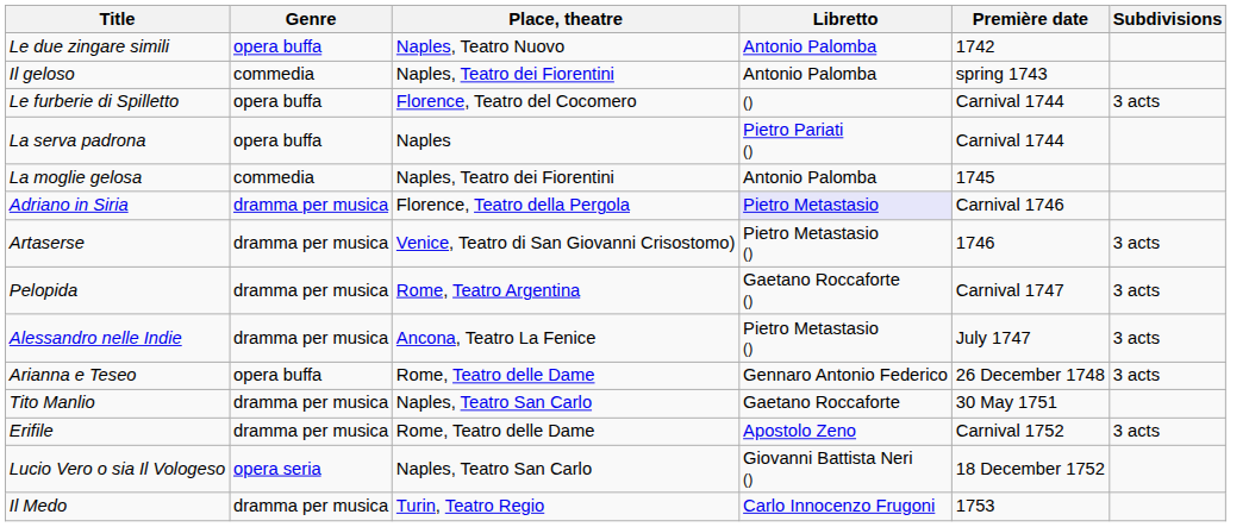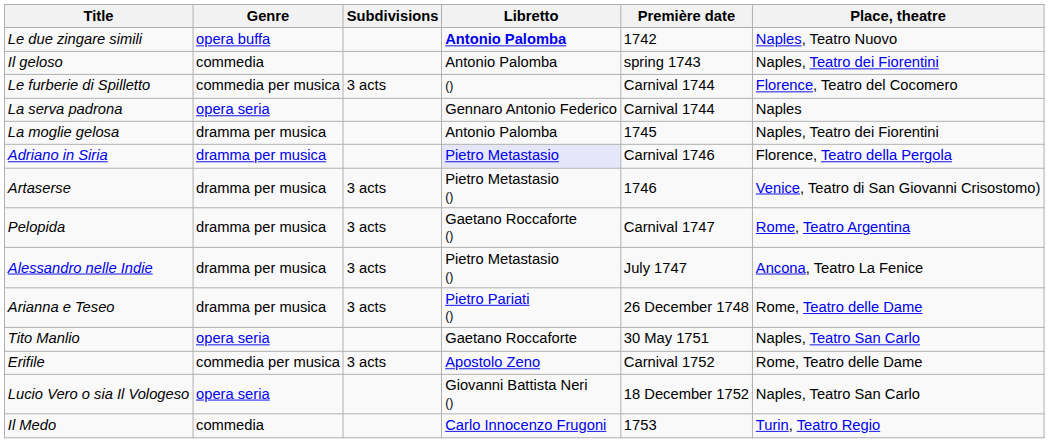 <table class="wikitable sortable">
 <tr>
 <th>Title</th>
 <th>Genre</th>
-<th>Place, theatre</th>
+<th>Sub­divisions</th>
 <th>Libretto</th>
 <th>Première date</th>
-<th>Sub­divisions</th>
+<th>Place, theatre</th>
 </tr>
 <tr>
 <td> <em>Le due zingare simili </em></td>
 <td><a href='#'>opera buffa</a></td>
+<td></td>
+<td><strong> <a href='#'>Antonio Palomba</a></strong></td>
+<td> 1742</td>
 <td><a href='#'>Naples</a>, Teatro Nuovo</td>
-<td> <a href='#'>Antonio Palomba</a></td>
-<td> 1742</td>
-<td></td>
 </tr>
 <tr>
 <td> <em>Il geloso</em></td>
 <td>commedia</td>
-<td>Naples, <a href='#'>Teatro dei Fiorentini</a></td>
+<td></td>
 <td> Antonio Palomba<br></td>
 <td> spring 1743</td>
-<td></td>
+<td>Naples, <a href='#'>Teatro dei Fiorentini</a></td>
 </tr>
 <tr>
 <td> <em>Le furberie di Spilletto</em></td>
-<td>opera buffa</td>
-<td><a href='#'>Florence</a>, Teatro del Cocomero</td>
+<td>commedia per musica</td>
+<td>3 acts</td>
 <td><small>()</small></td>
 <td> Carnival 1744</td>
-<td>3 acts</td>
+<td><a href='#'>Florence</a>, Teatro del Cocomero</td>
 </tr>
 <tr>
 <td> <em>La serva padrona</em></td>
-<td>opera buffa</td>
+<td><a href='#'>opera seria</a></td>
+<td></td>
+<td> Gennaro Antonio Federico<br></td>
+<td> Carnival 1744</td>
 <td>Naples</td>
-<td> <a href='#'>Pietro Pariati</a><br><small>()</small></td>
-<td> Carnival 1744</td>
-<td></td>
 </tr>
 <tr>
 <td> <em>La moglie gelosa</em></td>
-<td>commedia</td>
-<td>Naples, Teatro dei Fiorentini</td>
+<td>dramma per musica</td>
+<td></td>
 <td> Antonio Palomba<br></td>
 <td> 1745</td>
-<td></td>
+<td>Naples, Teatro dei Fiorentini</td>
 </tr>
 <tr>
 <td> <em><a href='#'>Adriano in Siria</a></em></td>
 <td><a href='#'>dramma per musica</a></td>
-<td>Florence, <a href='#'>Teatro della Pergola</a></td>
+<td></td>
 <td style="background: lavender;"> <a href='#'>Pietro Metastasio</a><br></td>
 <td> Carnival 1746</td>
-<td></td>
+<td>Florence, <a href='#'>Teatro della Pergola</a></td>
 </tr>
 <tr>
 <td> <em>Artaserse</em></td>
 <td>dramma per musica</td>
-<td><a href='#'>Venice</a>, Teatro di San Giovanni Crisostomo)</td>
+<td>3 acts</td>
 <td> Pietro Metastasio<br><small>()</small></td>
 <td> 1746</td>
-<td>3 acts</td>
+<td><a href='#'>Venice</a>, Teatro di San Giovanni Crisostomo)</td>
 </tr>
 <tr>
 <td> <em>Pelopida </em></td>
 <td>dramma per musica</td>
-<td><a href='#'>Rome</a>, <a href='#'>Teatro Argentina</a></td>
+<td>3 acts</td>
 <td> Gaetano Roccaforte<br><small>()</small></td>
 <td> Carnival 1747</td>
-<td>3 acts</td>
+<td><a href='#'>Rome</a>, <a href='#'>Teatro Argentina</a></td>
 </tr>
 <tr>
 <td> <em><a href='#'>Alessandro nelle Indie</a></em></td>
 <td>dramma per musica</td>
-<td><a href='#'>Ancona</a>, Teatro La Fenice</td>
+<td>3 acts</td>
 <td> Pietro Metastasio<br><small>()</small></td>
 <td> July 1747</td>
-<td>3 acts</td>
+<td><a href='#'>Ancona</a>, Teatro La Fenice</td>
 </tr>
 <tr>
 <td> <em>Arianna e Teseo</em></td>
-<td>opera buffa</td>
+<td>dramma per musica</td>
+<td>3 acts</td>
+<td> <a href='#'>Pietro Pariati</a><br><small>()</small></td>
+<td> 26 December 1748</td>
 <td>Rome, <a href='#'>Teatro delle Dame</a></td>
-<td> Gennaro Antonio Federico<br></td>
-<td> 26 December 1748</td>
-<td>3 acts</td>
 </tr>
 <tr>
 <td> <em>Tito Manlio</em></td>
-<td>dramma per musica</td>
-<td>Naples, <a href='#'>Teatro San Carlo</a></td>
+<td><a href='#'>opera seria</a></td>
+<td></td>
 <td> Gaetano Roccaforte<br></td>
 <td> 30 May 1751</td>
-<td></td>
+<td>Naples, <a href='#'>Teatro San Carlo</a></td>
 </tr>
 <tr>
 <td> <em>Erifile</em></td>
-<td>dramma per musica</td>
-<td>Rome, Teatro delle Dame</td>
+<td>commedia per musica</td>
+<td>3 acts</td>
 <td> <a href='#'>Apostolo Zeno</a><br></td>
 <td> Carnival 1752</td>
-<td>3 acts</td>
+<td>Rome, Teatro delle Dame</td>
 </tr>
 <tr>
 <td> <em>Lucio Vero o sia Il Vologeso</em></td>
 <td><a href='#'>opera seria</a></td>
-<td>Naples, Teatro San Carlo</td>
+<td></td>
 <td> Giovanni Battista Neri<br><small>()</small></td>
 <td> 18 December 1752</td>
-<td></td>
+<td>Naples, Teatro San Carlo</td>
 </tr>
 <tr (, libretto di, 1753, )>
 <td> <em>Il Medo</em></td>
-<td>dramma per musica</td>
-<td><a href='#'>Turin</a>, <a href='#'>Teatro Regio</a></td>
+<td>commedia</td>
+<td></td>
 <td> <a href='#'>Carlo Innocenzo Frugoni</a><br></td>
 <td> 1753</td>
-<td></td>
+<td><a href='#'>Turin</a>, <a href='#'>Teatro Regio</a></td>
 </tr>
 </table>
